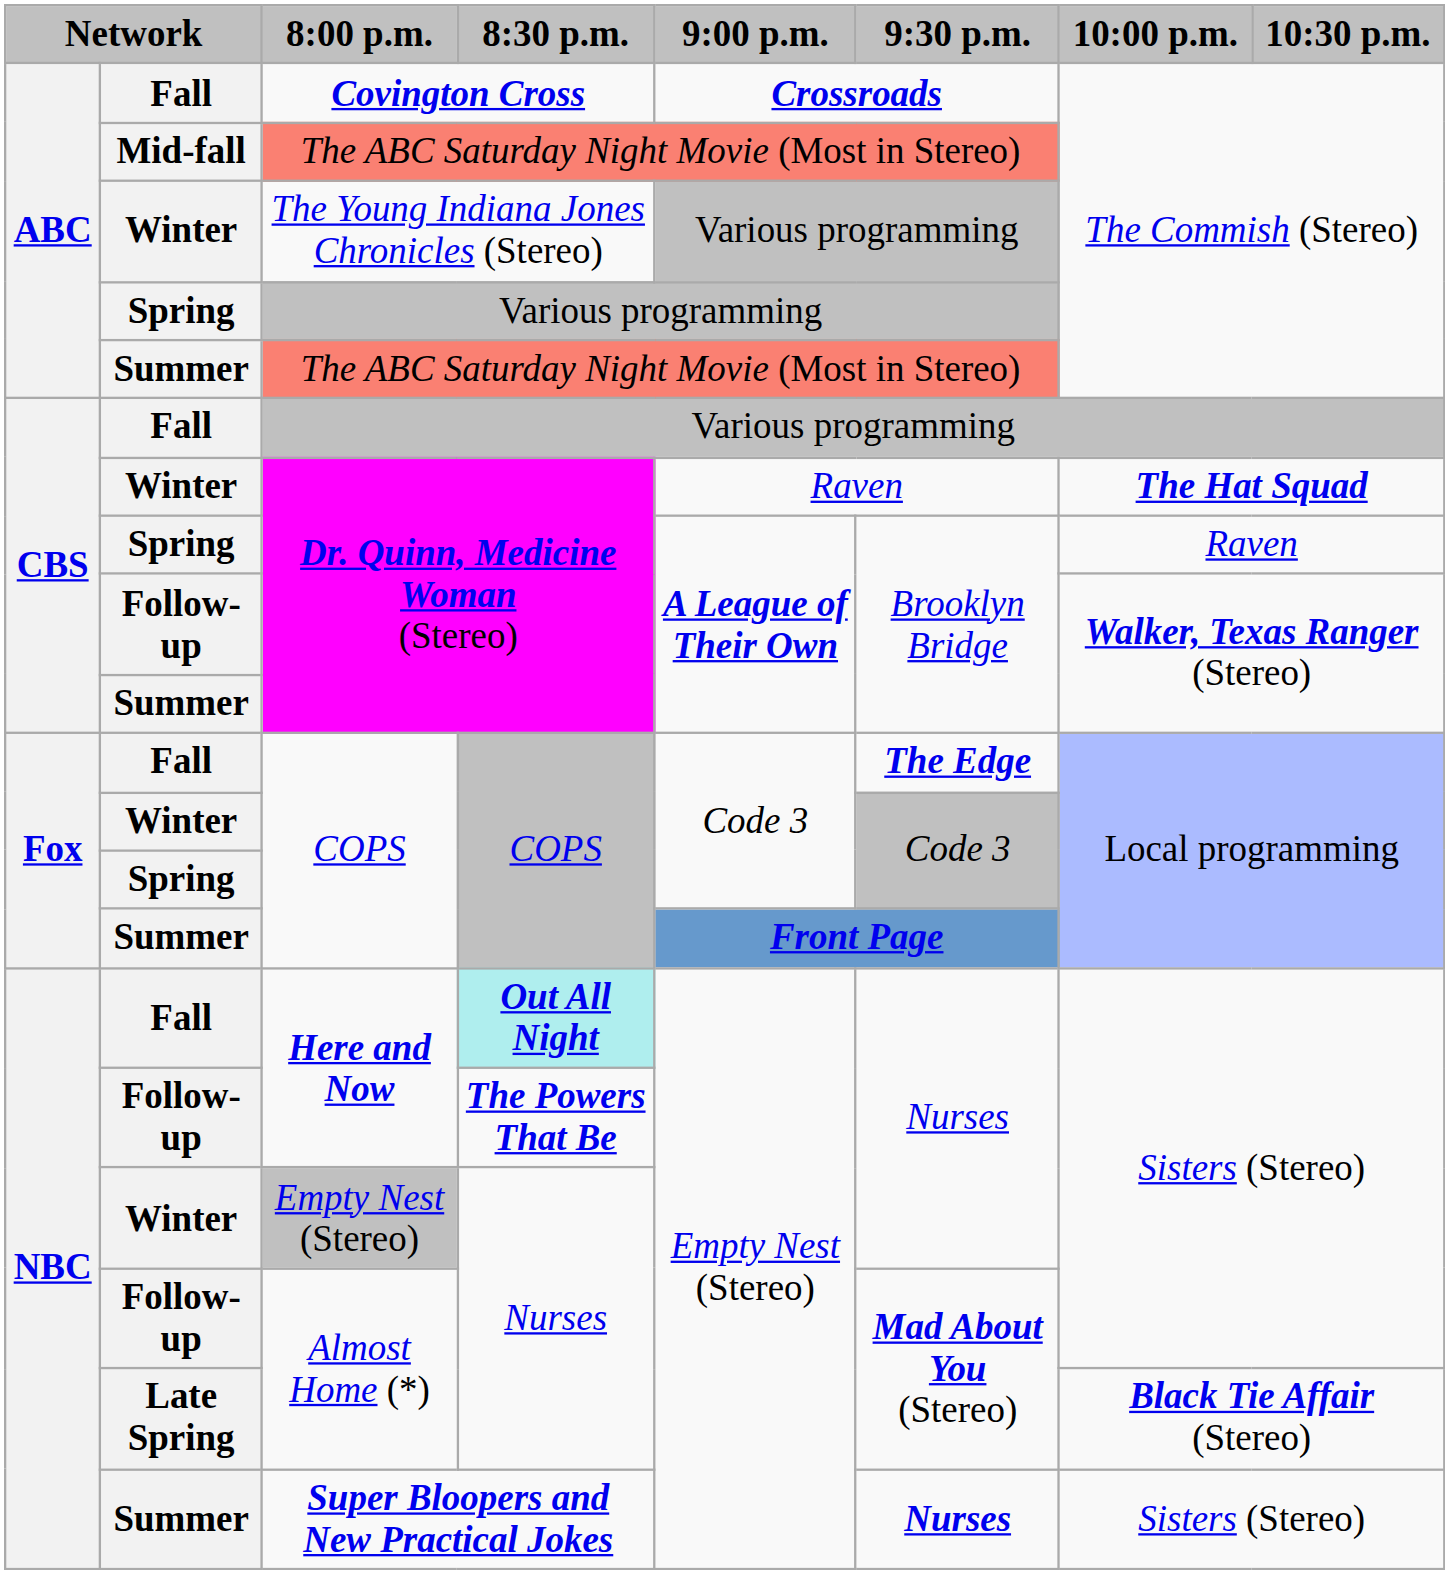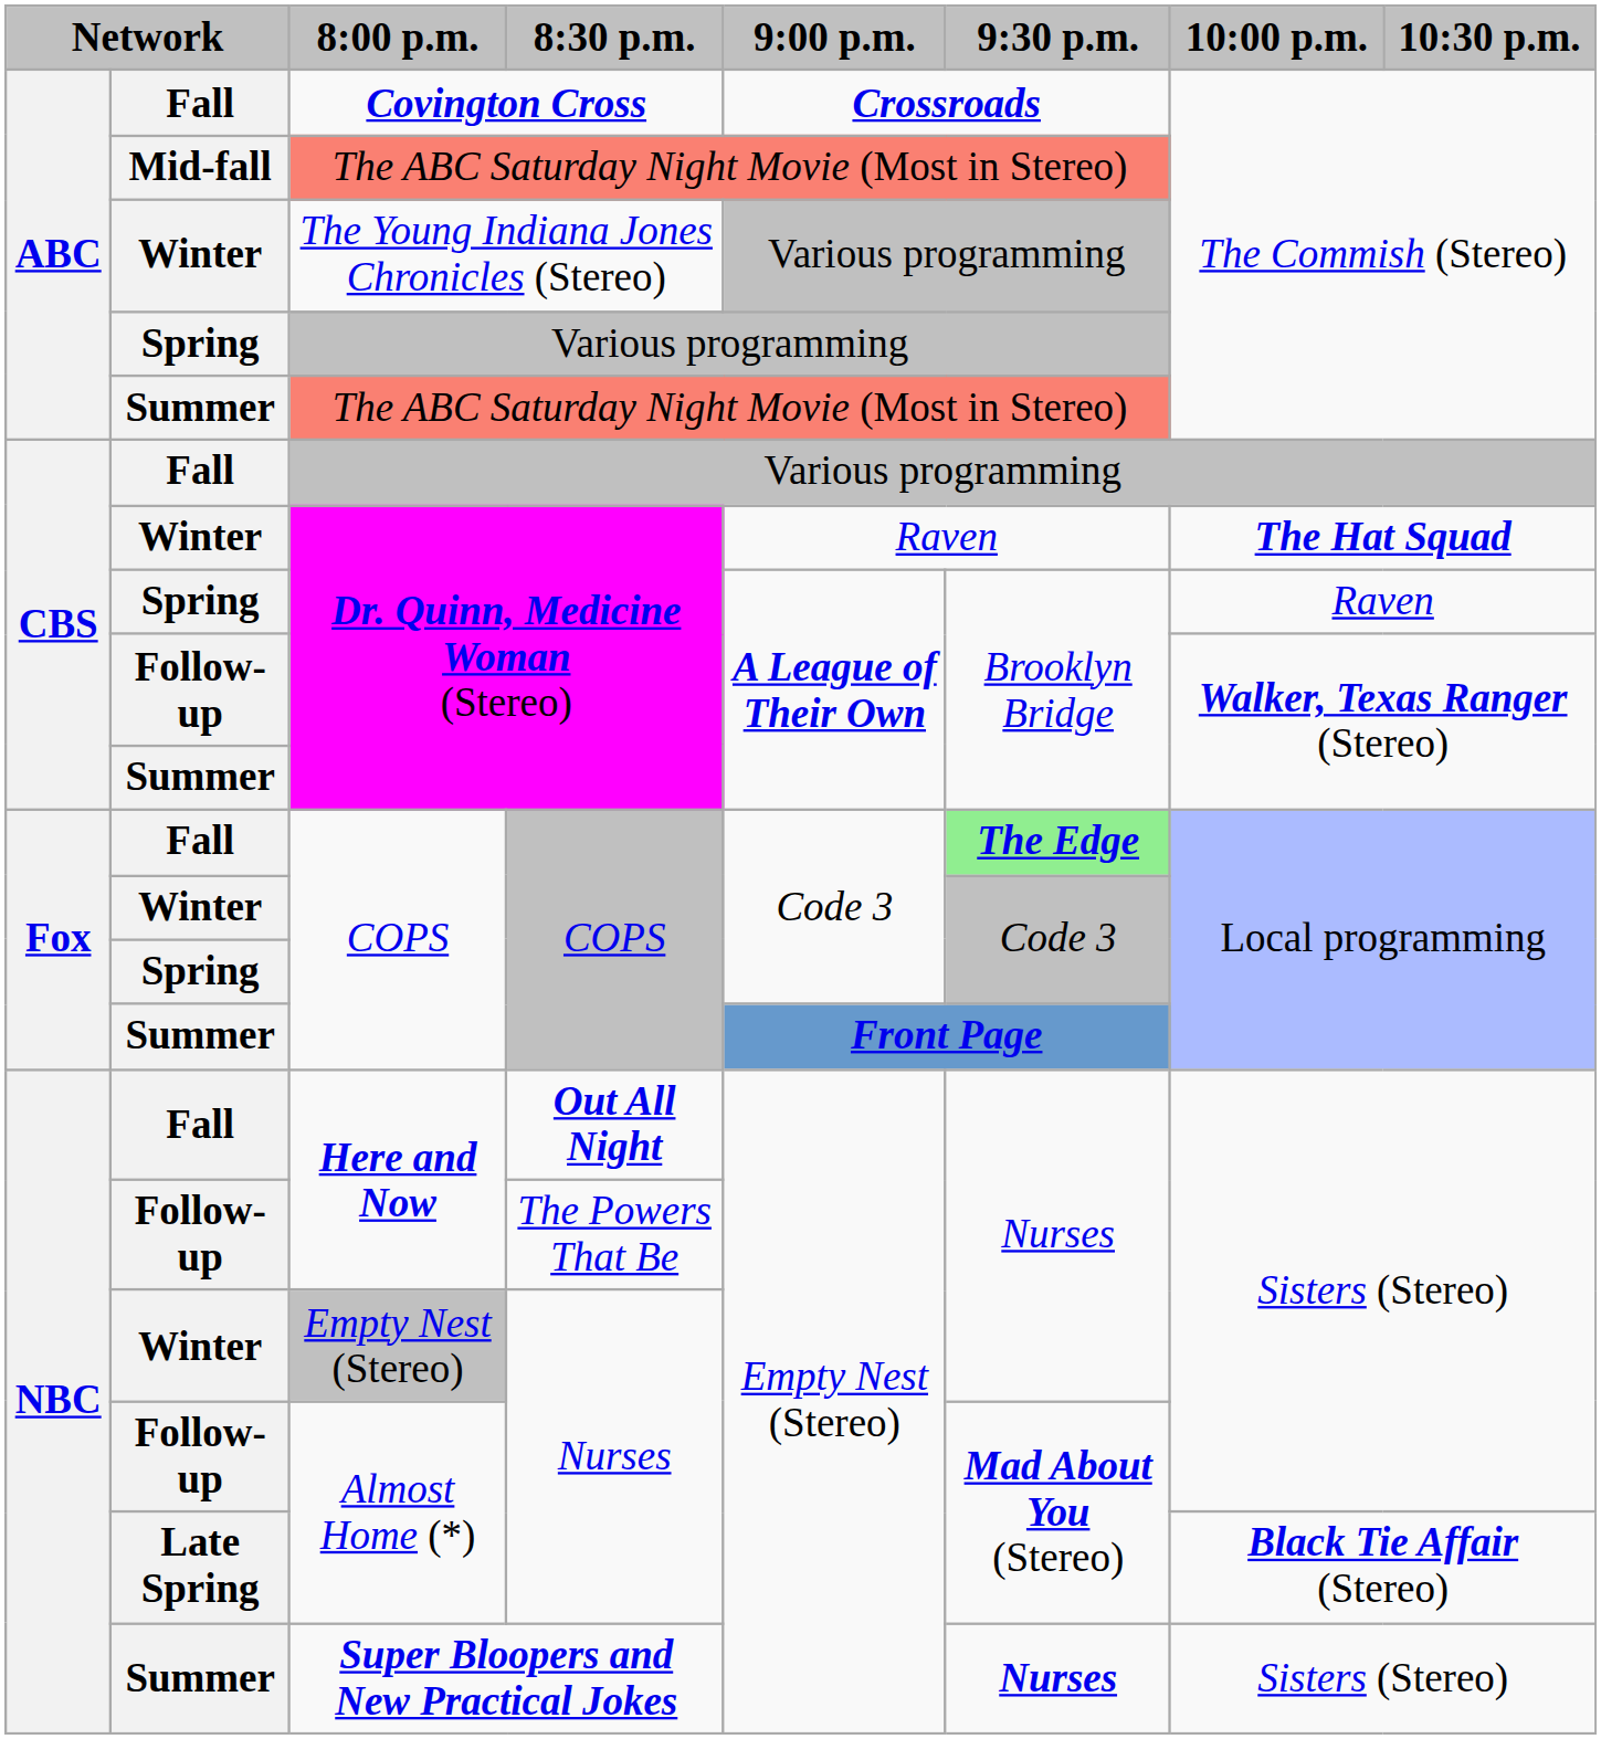 <table class="wikitable" style="width:100%;margin-right:0;text-align:center">
 <tr>
 <th colspan="2" style="background-color:#C0C0C0">Network</th>
 <th style="background-color:#C0C0C0;text-align:center">8:00 p.m.</th>
 <th style="background-color:#C0C0C0;text-align:center">8:30 p.m.</th>
 <th style="background-color:#C0C0C0;text-align:center">9:00 p.m.</th>
 <th style="background-color:#C0C0C0;text-align:center">9:30 p.m.</th>
 <th style="background-color:#C0C0C0;text-align:center">10:00 p.m.</th>
 <th style="background-color:#C0C0C0;text-align:center">10:30 p.m.</th>
 </tr>
 <tr>
 <th rowspan="5"><a href='#'>ABC</a></th>
 <th>Fall</th>
 <td colspan="2"><strong><em><a href='#'>Covington Cross</a></em></strong></td>
 <td colspan="2"><strong><em><a href='#'>Crossroads</a></em></strong></td>
 <td rowspan="5" colspan="2"><em><a href='#'>The Commish</a></em> (Stereo)</td>
 </tr>
 <tr>
 <th>Mid-fall</th>
 <td colspan="4" style="background:#FA8072;"><em>The ABC Saturday Night Movie</em> (Most in Stereo)</td>
 </tr>
 <tr>
 <th>Winter</th>
 <td colspan="2"><em><a href='#'>The Young Indiana Jones Chronicles</a></em> (Stereo)</td>
 <td colspan="2" style="background:#C0C0C0;">Various programming</td>
 </tr>
 <tr>
 <th>Spring</th>
 <td colspan="4" style="background:#C0C0C0;">Various programming</td>
 </tr>
 <tr>
 <th>Summer</th>
 <td colspan="4" style="background:#FA8072;"><em>The ABC Saturday Night Movie</em> (Most in Stereo)</td>
 </tr>
 <tr>
 <th rowspan="5"><a href='#'>CBS</a></th>
 <th>Fall</th>
 <td colspan="8" style="background:#C0C0C0;">Various programming</td>
 </tr>
 <tr>
 <th>Winter</th>
 <td style="background:magenta;" colspan="2" rowspan="4"><strong><em><a href='#'>Dr. Quinn, Medicine Woman</a></em></strong><br>(Stereo) </td>
 <td colspan="2"><em><a href='#'>Raven</a></em></td>
 <td colspan="2"><strong><em><a href='#'>The Hat Squad</a></em></strong></td>
 </tr>
 <tr>
 <th>Spring</th>
 <td rowspan="3"><strong><em><a href='#'>A League of Their Own</a></em></strong></td>
 <td rowspan="3"><em><a href='#'>Brooklyn Bridge</a></em></td>
 <td colspan="2"><em><a href='#'>Raven</a></em></td>
 </tr>
 <tr>
 <th>Follow-up</th>
 <td colspan="2" rowspan="2"><strong><em><a href='#'>Walker, Texas Ranger</a></em></strong> (Stereo)</td>
 </tr>
 <tr>
 <th>Summer</th>
 </tr>
 <tr>
 <th rowspan="4"><a href='#'>Fox</a></th>
 <th>Fall</th>
 <td rowspan="4"><em><a href='#'>COPS</a></em></td>
 <td rowspan="4" style="background:#C0C0C0;"><em><a href='#'>COPS</a></em> </td>
 <td rowspan="3"><em>Code 3</em></td>
-<td><strong><em><a href='#'>The Edge</a></em></strong></td>
+<td style="background: lightgreen;"><strong><em><a href='#'>The Edge</a></em></strong></td>
 <td style="background:#abbbff;" rowspan="4" colspan="2">Local programming</td>
 </tr>
 <tr>
 <th>Winter</th>
 <td style="background:#C0C0C0;" rowspan="2"><em>Code 3</em> </td>
 </tr>
 <tr>
 <th>Spring</th>
 </tr>
 <tr>
 <th>Summer</th>
 <td colspan="2" style="background:#6699CC;"><strong><em><a href='#'>Front Page</a></em></strong></td>
 </tr>
 <tr>
 <th rowspan="6"><a href='#'>NBC</a></th>
 <th>Fall</th>
 <td rowspan="2"><strong><em><a href='#'>Here and Now</a></em></strong></td>
-<td style="background: paleturquoise;"><strong><em><a href='#'>Out All Night</a></em></strong></td>
+<td><strong><em><a href='#'>Out All Night</a></em></strong></td>
 <td rowspan="6"><em><a href='#'>Empty Nest</a></em><br>(Stereo)</td>
 <td rowspan="3"><em><a href='#'>Nurses</a></em></td>
 <td colspan="2" rowspan="4"><em><a href='#'>Sisters</a></em> (Stereo)</td>
 </tr>
 <tr>
 <th>Follow-up</th>
-<td><strong><em><a href='#'>The Powers That Be</a></em></strong></td>
+<td><em><a href='#'>The Powers That Be</a></em></td>
 </tr>
 <tr>
 <th>Winter</th>
 <td bgcolor="#C0C0C0"><em><a href='#'>Empty Nest</a></em> (Stereo) </td>
 <td rowspan="3"><em><a href='#'>Nurses</a></em></td>
 </tr>
 <tr>
 <th>Follow-up</th>
 <td rowspan="2"><em><a href='#'>Almost Home</a></em> (*)</td>
 <td rowspan="2"><strong><em><a href='#'>Mad About You</a></em></strong> (Stereo)</td>
 </tr>
 <tr>
 <th>Late Spring</th>
 <td colspan="2"><strong><em><a href='#'>Black Tie Affair</a></em></strong> (Stereo)</td>
 </tr>
 <tr>
 <th>Summer</th>
 <td colspan="2"><strong><em><a href='#'>Super Bloopers and New Practical Jokes</a></em></strong></td>
 <td><strong><em><a href='#'>Nurses</a></em></strong></td>
 <td colspan="2"><em><a href='#'>Sisters</a></em> (Stereo)</td>
 </tr>
 </table>
